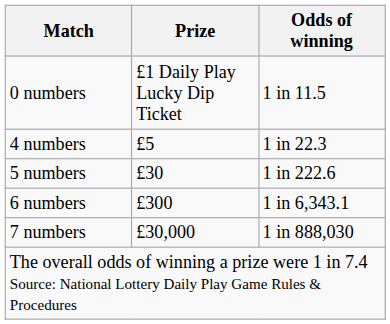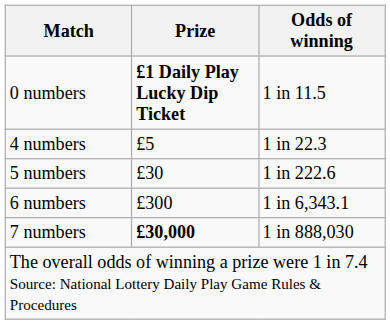 <table class="wikitable" style="font-size:96%; float:right;">
 <tr>
 <th style="width:100px;">Match</th>
 <th style="width:100px;">Prize</th>
 <th style="width:100px;">Odds of winning</th>
 </tr>
 <tr>
 <td>0 numbers</td>
-<td>£1 Daily Play<br>Lucky Dip Ticket</td>
+<td><strong>£1 Daily Play<br>Lucky Dip Ticket</strong></td>
 <td>1 in 11.5</td>
 </tr>
 <tr>
 <td>4 numbers</td>
 <td>£5</td>
 <td>1 in 22.3</td>
 </tr>
 <tr>
 <td>5 numbers</td>
 <td>£30</td>
 <td>1 in 222.6</td>
 </tr>
 <tr>
 <td>6 numbers</td>
 <td>£300</td>
 <td>1 in 6,343.1</td>
 </tr>
 <tr>
 <td>7 numbers</td>
-<td>£30,000</td>
+<td><strong>£30,000</strong></td>
 <td>1 in 888,030</td>
 </tr>
 <tr>
 <td colspan="3">The overall odds of winning a prize were 1 in 7.4<br><small>Source: National Lottery Daily Play Game Rules & Procedures</small></td>
 </tr>
 </table>
